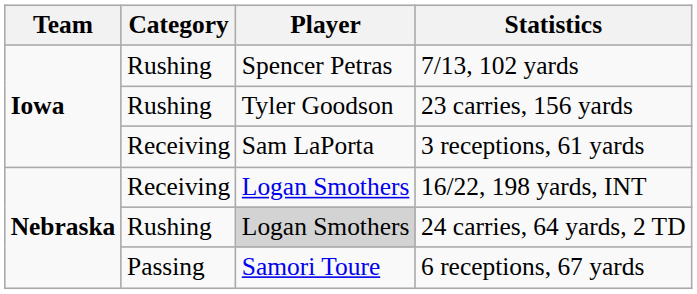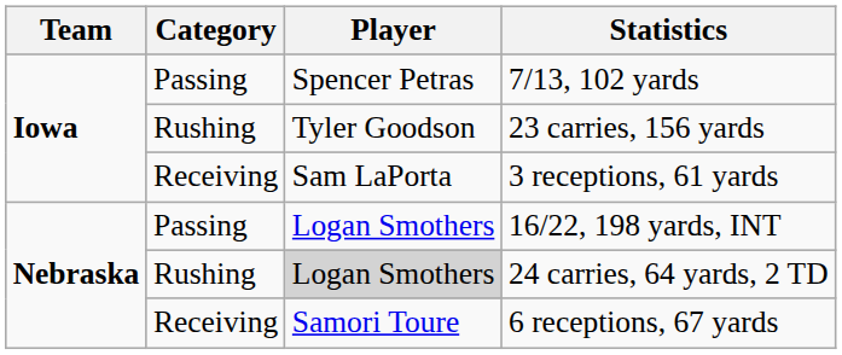 <table class="wikitable" style="float: left;">
 <tr>
 <th>Team</th>
 <th>Category</th>
 <th>Player</th>
 <th>Statistics</th>
 </tr>
 <tr>
 <td rowspan=3><strong>Iowa</strong></td>
-<td>Rushing</td>
+<td>Passing</td>
 <td>Spencer Petras</td>
 <td>7/13, 102 yards</td>
 </tr>
 <tr>
 <td>Rushing</td>
 <td>Tyler Goodson</td>
 <td>23 carries, 156 yards</td>
 </tr>
 <tr>
 <td>Receiving</td>
 <td>Sam LaPorta</td>
 <td>3 receptions, 61 yards</td>
 </tr>
 <tr>
 <td rowspan=3><strong>Nebraska</strong></td>
-<td>Receiving</td>
+<td>Passing</td>
 <td><a href='#'>Logan Smothers</a></td>
 <td>16/22, 198 yards, INT</td>
 </tr>
 <tr>
 <td>Rushing</td>
 <td style="background: lightgrey;">Logan Smothers</td>
 <td>24 carries, 64 yards, 2 TD</td>
 </tr>
 <tr>
-<td>Passing</td>
+<td>Receiving</td>
 <td><a href='#'>Samori Toure</a></td>
 <td>6 receptions, 67 yards</td>
 </tr>
 </table>
